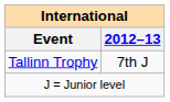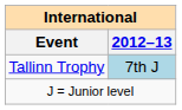 <table class="wikitable" style="text-align:center">
 <tr>
 <th style="background-color: #ffdead; " colspan=2 align=center>International</th>
 </tr>
 <tr>
 <th>Event</th>
 <th><a href='#'>2012–13</a></th>
 </tr>
 <tr>
 <td align=left><a href='#'>Tallinn Trophy</a></td>
-<td>7th J</td>
+<td style="background: lightblue;">7th J</td>
 </tr>
 <tr>
 <td colspan=2 align=center><small> J = Junior level </small></td>
 </tr>
 </table>
